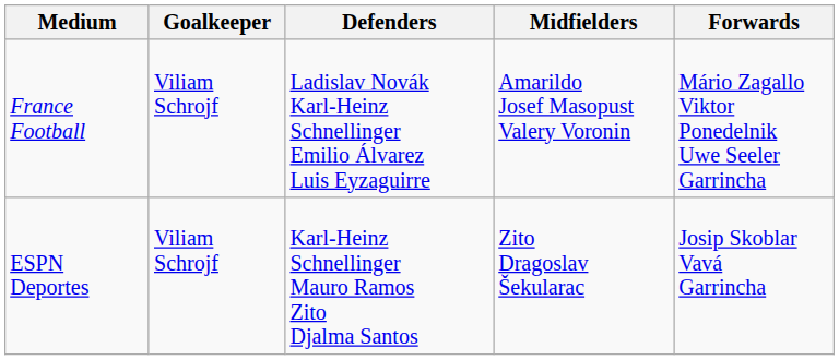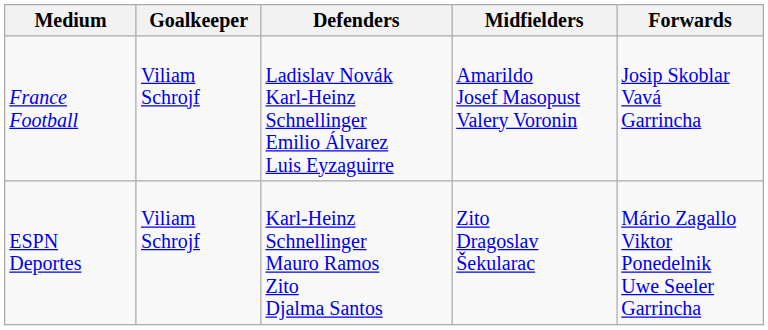 <table class="wikitable">
 <tr>
 <th>Medium</th>
 <th>Goalkeeper</th>
 <th>Defenders</th>
 <th>Midfielders</th>
 <th>Forwards</th>
 </tr>
 <tr>
 <td><em><a href='#'>France Football</a></em></td>
 <td valign="top"><br> <a href='#'>Viliam Schrojf</a></td>
 <td valign="top"><br> <a href='#'>Ladislav Novák</a><br>  <a href='#'>Karl-Heinz Schnellinger</a><br>  <a href='#'>Emilio Álvarez</a><br>  <a href='#'>Luis Eyzaguirre</a></td>
 <td valign="top"><br> <a href='#'>Amarildo</a><br>  <a href='#'>Josef Masopust</a><br>  <a href='#'>Valery Voronin</a></td>
-<td valign="top"><br> <a href='#'>Mário Zagallo</a><br>  <a href='#'>Viktor Ponedelnik</a><br>  <a href='#'>Uwe Seeler</a><br>  <a href='#'>Garrincha</a></td>
+<td valign="top"><br> <a href='#'>Josip Skoblar</a><br>  <a href='#'>Vavá</a><br>  <a href='#'>Garrincha</a></td>
 </tr>
 <tr>
 <td><a href='#'>ESPN Deportes</a></td>
 <td valign="top"><br> <a href='#'>Viliam Schrojf</a></td>
 <td valign="top"><br> <a href='#'>Karl-Heinz Schnellinger</a><br>  <a href='#'>Mauro Ramos</a><br>  <a href='#'>Zito</a><br>  <a href='#'>Djalma Santos</a></td>
 <td valign="top"><br> <a href='#'>Zito</a><br>  <a href='#'>Dragoslav Šekularac</a></td>
-<td valign="top"><br> <a href='#'>Josip Skoblar</a><br>  <a href='#'>Vavá</a><br>  <a href='#'>Garrincha</a></td>
+<td valign="top"><br> <a href='#'>Mário Zagallo</a><br>  <a href='#'>Viktor Ponedelnik</a><br>  <a href='#'>Uwe Seeler</a><br>  <a href='#'>Garrincha</a></td>
 </tr>
 </table>
